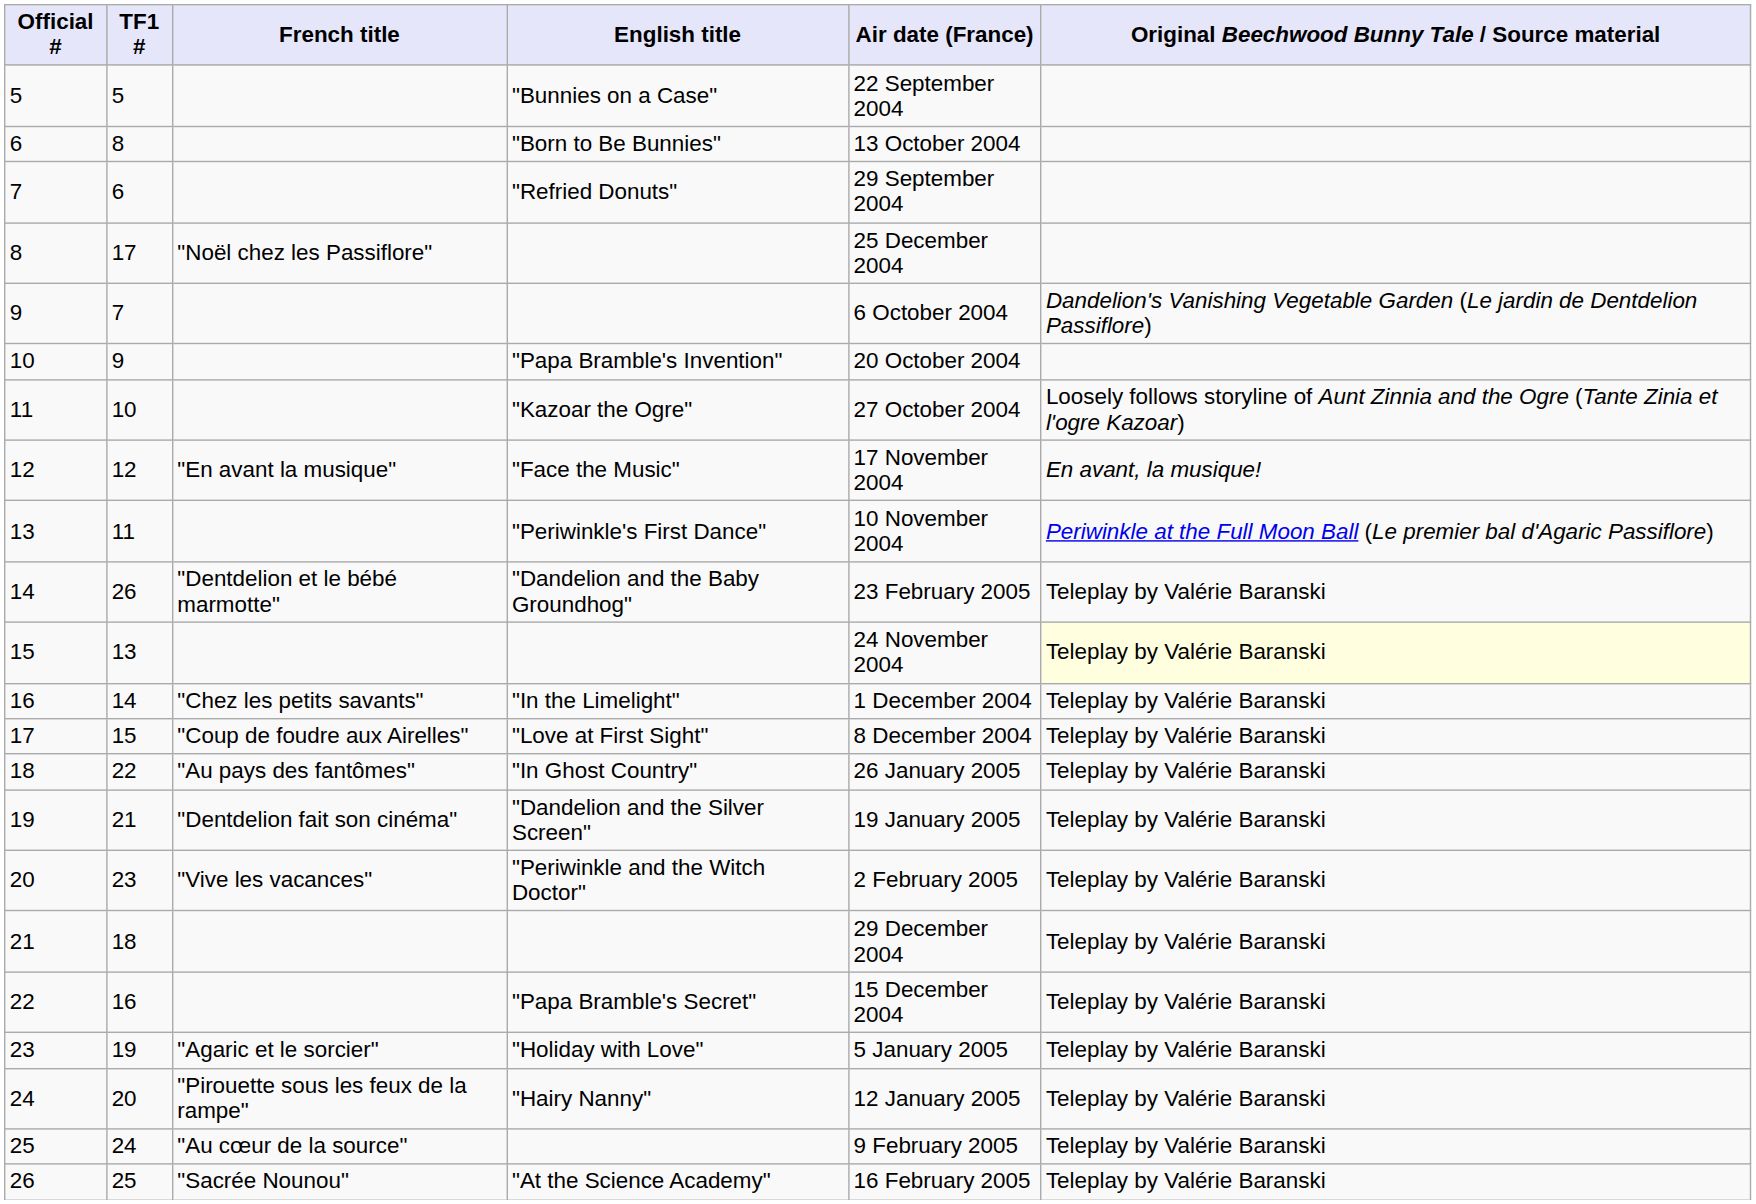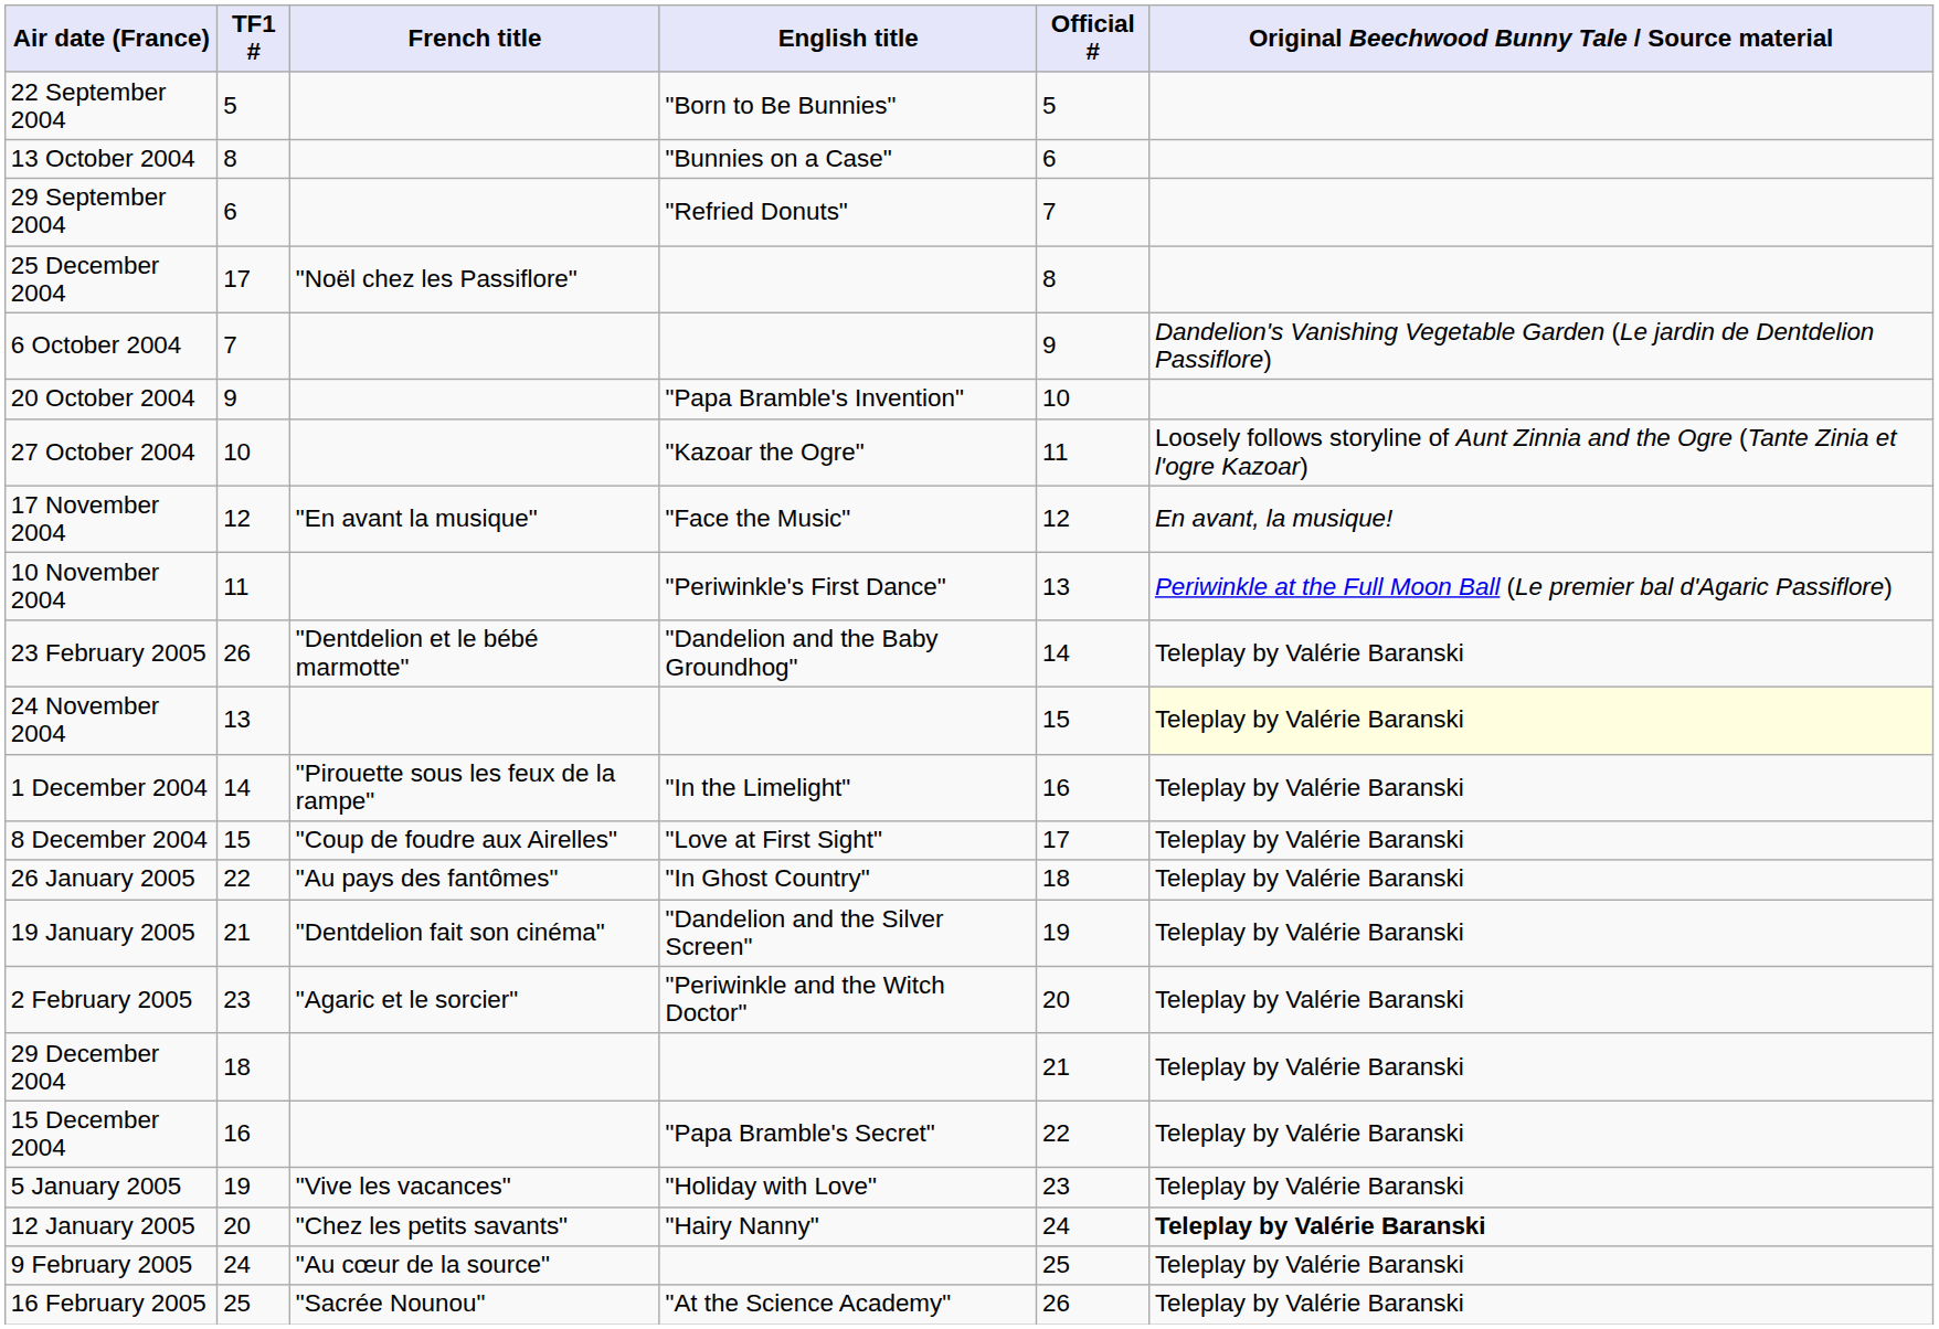 <table class="wikitable sortable">
 <tr>
-<th style="background-color: Lavender;">Official #</th>
+<th style="background-color: Lavender;">Air date (France)</th>
 <th style="background-color: Lavender;">TF1 #</th>
 <th style="background-color: Lavender;">French title</th>
 <th style="background-color: Lavender;">English title</th>
-<th style="background-color: Lavender;">Air date (France)</th>
+<th style="background-color: Lavender;">Official #</th>
 <th style="background-color: Lavender;">Original <em>Beechwood Bunny Tale</em> / Source material</th>
 </tr>
 <tr>
-<td>5</td>
+<td>22 September 2004</td>
 <td>5</td>
 <td></td>
-<td>"Bunnies on a Case"</td>
-<td>22 September 2004</td>
+<td>"Born to Be Bunnies"</td>
+<td>5</td>
 <td></td>
 </tr>
 <tr>
-<td>6</td>
+<td>13 October 2004</td>
 <td>8</td>
 <td></td>
-<td>"Born to Be Bunnies"</td>
-<td>13 October 2004</td>
+<td>"Bunnies on a Case"</td>
+<td>6</td>
 <td></td>
 </tr>
 <tr>
-<td>7</td>
+<td>29 September 2004</td>
 <td>6</td>
 <td></td>
 <td>"Refried Donuts"</td>
-<td>29 September 2004</td>
+<td>7</td>
 <td></td>
 </tr>
 <tr>
-<td>8</td>
+<td>25 December 2004</td>
 <td>17</td>
 <td>"Noël chez les Passiflore"</td>
 <td></td>
-<td>25 December 2004</td>
+<td>8</td>
 <td></td>
 </tr>
 <tr>
-<td>9</td>
+<td>6 October 2004</td>
 <td>7</td>
 <td></td>
 <td></td>
-<td>6 October 2004</td>
+<td>9</td>
 <td><em>Dandelion's Vanishing Vegetable Garden</em> (<em>Le jardin de Dentdelion Passiflore</em>)</td>
 </tr>
 <tr>
-<td>10</td>
+<td>20 October 2004</td>
 <td>9</td>
 <td></td>
 <td>"Papa Bramble's Invention"</td>
-<td>20 October 2004</td>
+<td>10</td>
 <td></td>
 </tr>
 <tr>
-<td>11</td>
+<td>27 October 2004</td>
 <td>10</td>
 <td></td>
 <td>"Kazoar the Ogre"</td>
-<td>27 October 2004</td>
+<td>11</td>
 <td>Loosely follows storyline of <em>Aunt Zinnia and the Ogre</em> (<em>Tante Zinia et l'ogre Kazoar</em>)</td>
 </tr>
 <tr>
-<td>12</td>
+<td>17 November 2004</td>
 <td>12</td>
 <td>"En avant la musique"</td>
 <td>"Face the Music"</td>
-<td>17 November 2004</td>
+<td>12</td>
 <td><em>En avant, la musique!</em></td>
 </tr>
 <tr>
-<td>13</td>
+<td>10 November 2004</td>
 <td>11</td>
 <td></td>
 <td>"Periwinkle's First Dance"</td>
-<td>10 November 2004</td>
+<td>13</td>
 <td><em><a href='#'>Periwinkle at the Full Moon Ball</a></em> (<em>Le premier bal d'Agaric Passiflore</em>)</td>
 </tr>
 <tr>
-<td>14</td>
+<td>23 February 2005</td>
 <td>26</td>
 <td>"Dentdelion et le bébé marmotte"</td>
 <td>"Dandelion and the Baby Groundhog"</td>
-<td>23 February 2005</td>
+<td>14</td>
 <td>Teleplay by Valérie Baranski</td>
 </tr>
 <tr>
-<td>15</td>
+<td>24 November 2004</td>
 <td>13</td>
 <td></td>
 <td></td>
-<td>24 November 2004</td>
+<td>15</td>
 <td style="background: lightyellow;">Teleplay by Valérie Baranski</td>
 </tr>
 <tr>
+<td>1 December 2004</td>
+<td>14</td>
+<td>"Pirouette sous les feux de la rampe"</td>
+<td>"In the Limelight"</td>
 <td>16</td>
-<td>14</td>
-<td>"Chez les petits savants"</td>
-<td>"In the Limelight"</td>
-<td>1 December 2004</td>
 <td>Teleplay by Valérie Baranski</td>
 </tr>
 <tr>
-<td>17</td>
+<td>8 December 2004</td>
 <td>15</td>
 <td>"Coup de foudre aux Airelles"</td>
 <td>"Love at First Sight"</td>
-<td>8 December 2004</td>
+<td>17</td>
 <td>Teleplay by Valérie Baranski</td>
 </tr>
 <tr>
-<td>18</td>
+<td>26 January 2005</td>
 <td>22</td>
 <td>"Au pays des fantômes"</td>
 <td>"In Ghost Country"</td>
-<td>26 January 2005</td>
+<td>18</td>
 <td>Teleplay by Valérie Baranski</td>
 </tr>
 <tr>
-<td>19</td>
+<td>19 January 2005</td>
 <td>21</td>
 <td>"Dentdelion fait son cinéma"</td>
 <td>"Dandelion and the Silver Screen"</td>
-<td>19 January 2005</td>
+<td>19</td>
 <td>Teleplay by Valérie Baranski</td>
 </tr>
 <tr>
+<td>2 February 2005</td>
+<td>23</td>
+<td>"Agaric et le sorcier"</td>
+<td>"Periwinkle and the Witch Doctor"</td>
 <td>20</td>
-<td>23</td>
-<td>"Vive les vacances"</td>
-<td>"Periwinkle and the Witch Doctor"</td>
-<td>2 February 2005</td>
 <td>Teleplay by Valérie Baranski</td>
 </tr>
 <tr>
-<td>21</td>
+<td>29 December 2004</td>
 <td>18</td>
 <td></td>
 <td></td>
-<td>29 December 2004</td>
+<td>21</td>
 <td>Teleplay by Valérie Baranski</td>
 </tr>
 <tr>
-<td>22</td>
+<td>15 December 2004</td>
 <td>16</td>
 <td></td>
 <td>"Papa Bramble's Secret"</td>
-<td>15 December 2004</td>
+<td>22</td>
 <td>Teleplay by Valérie Baranski</td>
 </tr>
 <tr>
+<td>5 January 2005</td>
+<td>19</td>
+<td>"Vive les vacances"</td>
+<td>"Holiday with Love"</td>
 <td>23</td>
-<td>19</td>
-<td>"Agaric et le sorcier"</td>
-<td>"Holiday with Love"</td>
-<td>5 January 2005</td>
 <td>Teleplay by Valérie Baranski</td>
 </tr>
 <tr>
+<td>12 January 2005</td>
+<td>20</td>
+<td>"Chez les petits savants"</td>
+<td>"Hairy Nanny"</td>
 <td>24</td>
-<td>20</td>
-<td>"Pirouette sous les feux de la rampe"</td>
-<td>"Hairy Nanny"</td>
-<td>12 January 2005</td>
+<td><strong>Teleplay by Valérie Baranski</strong></td>
+</tr>
+<tr>
+<td>9 February 2005</td>
+<td>24</td>
+<td>"Au cœur de la source"</td>
+<td></td>
+<td>25</td>
 <td>Teleplay by Valérie Baranski</td>
 </tr>
 <tr>
-<td>25</td>
-<td>24</td>
-<td>"Au cœur de la source"</td>
-<td></td>
-<td>9 February 2005</td>
-<td>Teleplay by Valérie Baranski</td>
-</tr>
-<tr>
-<td>26</td>
+<td>16 February 2005</td>
 <td>25</td>
 <td>"Sacrée Nounou"</td>
 <td>"At the Science Academy"</td>
-<td>16 February 2005</td>
+<td>26</td>
 <td>Teleplay by Valérie Baranski</td>
 </tr>
 </table>
